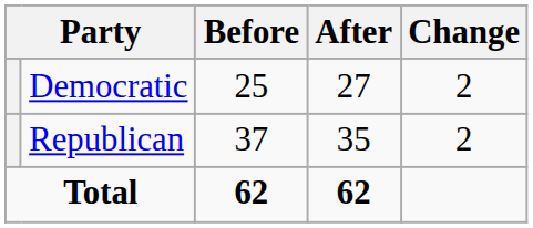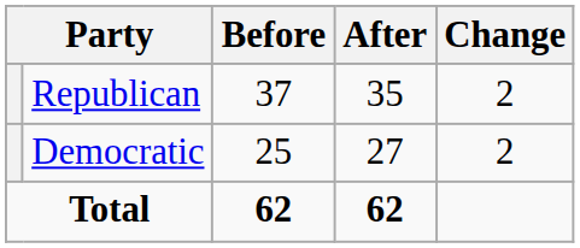 <table class="wikitable" style="text-align:center;">
 <tr>
 <th colspan="2">Party</th>
 <th>Before</th>
 <th>After</th>
 <th>Change</th>
 </tr>
 <tr>
 <th style="background-color:"></th>
-<td style="text-align:left;"><a href='#'>Democratic</a></td>
-<td>25</td>
-<td>27</td>
+<td style="text-align:left;"><a href='#'>Republican</a></td>
+<td>37</td>
+<td>35</td>
 <td> 2</td>
 </tr>
 <tr>
 <th style="background-color:"></th>
-<td style="text-align:left;"><a href='#'>Republican</a></td>
-<td>37</td>
-<td>35</td>
+<td style="text-align:left;"><a href='#'>Democratic</a></td>
+<td>25</td>
+<td>27</td>
 <td> 2</td>
 </tr>
 <tr>
 <td colspan="2"><strong>Total</strong></td>
 <td><strong>62</strong></td>
 <td><strong>62</strong></td>
 <td></td>
 </tr>
 </table>
